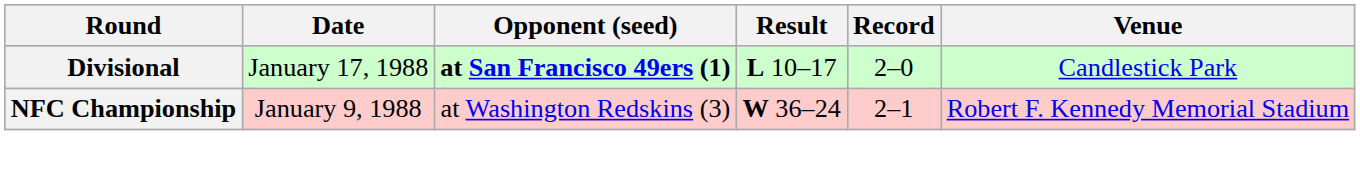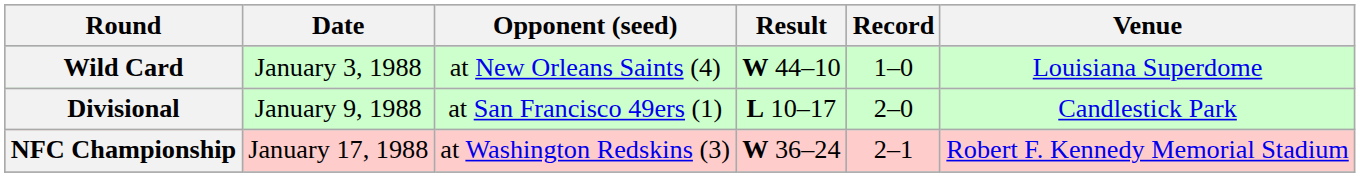 <table class="wikitable" style="text-align:center">
 <tr>
 <th>Round</th>
 <th>Date</th>
 <th>Opponent (seed)</th>
 <th>Result</th>
 <th>Record</th>
 <th>Venue</th>
 </tr>
 <tr style="background:#cfc">
+<th>Wild Card</th>
+<td>January 3, 1988</td>
+<td>at <a href='#'>New Orleans Saints</a> (4)</td>
+<td><strong>W</strong> 44–10</td>
+<td>1–0</td>
+<td><a href='#'>Louisiana Superdome</a></td>
+</tr>
+<tr style="background:#cfc">
 <th>Divisional</th>
-<td>January 17, 1988</td>
-<td><strong>at <a href='#'>San Francisco 49ers</a> (1)</strong></td>
+<td>January 9, 1988</td>
+<td>at <a href='#'>San Francisco 49ers</a> (1)</td>
 <td><strong>L</strong> 10–17</td>
 <td>2–0</td>
 <td><a href='#'>Candlestick Park</a></td>
 </tr>
 <tr style="background:#fcc">
 <th>NFC Championship</th>
-<td>January 9, 1988</td>
+<td>January 17, 1988</td>
 <td>at <a href='#'>Washington Redskins</a> (3)</td>
 <td><strong>W</strong> 36–24</td>
 <td>2–1</td>
 <td><a href='#'>Robert F. Kennedy Memorial Stadium</a></td>
 </tr>
 </table>
